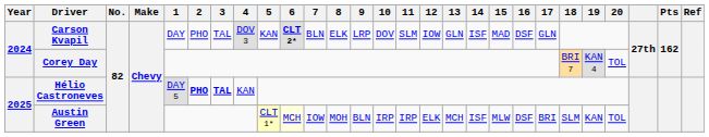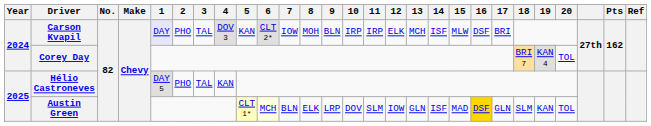 <table class="wikitable" style="text-align:center; font-size:75%">
 <tr>
 <th>Year</th>
 <th>Driver</th>
 <th>No.</th>
 <th>Make</th>
 <th>1</th>
 <th>2</th>
 <th>3</th>
 <th>4</th>
 <th>5</th>
 <th>6</th>
 <th>7</th>
 <th>8</th>
 <th>9</th>
 <th>10</th>
 <th>11</th>
 <th>12</th>
 <th>13</th>
 <th>14</th>
 <th>15</th>
 <th>16</th>
 <th>17</th>
 <th>18</th>
 <th>19</th>
 <th>20</th>
 <th></th>
 <th>Pts</th>
 <th>Ref</th>
 </tr>
 <tr>
 <th rowspan=2><a href='#'>2024</a></th>
 <th><a href='#'>Carson Kvapil</a></th>
 <th rowspan=4>82</th>
 <th rowspan=4><a href='#'>Chevy</a></th>
-<td><a href='#'>DAY</a></td>
+<td style="background: lavender;"><a href='#'>DAY</a></td>
 <td><a href='#'>PHO</a></td>
 <td><a href='#'>TAL</a></td>
 <td style="background:#DFDFDF;"><a href='#'>DOV</a><br><small>3</small></td>
 <td><a href='#'>KAN</a></td>
-<td style="background:#DFDFDF;"><strong><a href='#'>CLT</a><br><small>2*</small></strong></td>
+<td style="background:#DFDFDF;"><a href='#'>CLT</a><br><small>2*</small></td>
+<td><a href='#'>IOW</a></td>
+<td><a href='#'>MOH</a></td>
 <td><a href='#'>BLN</a></td>
+<td><a href='#'>IRP</a></td>
+<td><a href='#'>IRP</a></td>
 <td><a href='#'>ELK</a></td>
-<td><a href='#'>LRP</a></td>
-<td><a href='#'>DOV</a></td>
-<td><a href='#'>SLM</a></td>
-<td><a href='#'>IOW</a></td>
-<td><a href='#'>GLN</a></td>
+<td><a href='#'>MCH</a></td>
 <td><a href='#'>ISF</a></td>
-<td><a href='#'>MAD</a></td>
+<td><a href='#'>MLW</a></td>
 <td><a href='#'>DSF</a></td>
-<td><a href='#'>GLN</a></td>
+<td><a href='#'>BRI</a></td>
 <td colspan=3></td>
 <th rowspan=2>27th</th>
 <th rowspan=2>162</th>
 <th rowspan=2></th>
 </tr>
 <tr>
 <th><a href='#'>Corey Day</a></th>
 <td colspan=17></td>
 <td style="background:#FFDF9F;"><a href='#'>BRI</a><br><small>7</small></td>
 <td style="background:#DFDFDF;"><a href='#'>KAN</a><br><small>4</small></td>
 <td><a href='#'>TOL</a></td>
 </tr>
 <tr>
 <th rowspan=2><a href='#'>2025</a></th>
 <th><a href='#'>Hélio Castroneves</a></th>
 <td style="background:#DFDFDF;"><a href='#'>DAY</a><br><small>5</small></td>
-<td><strong><a href='#'>PHO</a></strong></td>
-<td><strong><a href='#'>TAL</a></strong></td>
+<td><a href='#'>PHO</a></td>
+<td><a href='#'>TAL</a></td>
 <td><a href='#'>KAN</a></td>
 <td colspan=16></td>
 <th rowspan=2></th>
 <th rowspan=2></th>
 <th rowspan=2></th>
 </tr>
 <tr>
 <th><a href='#'>Austin Green</a></th>
 <td colspan=4></td>
 <td style="background:#FFFFBF;"><a href='#'>CLT</a><br><small>1*</small></td>
 <td style="background: lightyellow;"><a href='#'>MCH</a></td>
+<td><a href='#'>BLN</a></td>
+<td><a href='#'>ELK</a></td>
+<td><a href='#'>LRP</a></td>
+<td><a href='#'>DOV</a></td>
+<td><a href='#'>SLM</a></td>
 <td><a href='#'>IOW</a></td>
-<td><a href='#'>MOH</a></td>
-<td><a href='#'>BLN</a></td>
-<td><a href='#'>IRP</a></td>
-<td><a href='#'>IRP</a></td>
-<td><a href='#'>ELK</a></td>
-<td><a href='#'>MCH</a></td>
+<td><a href='#'>GLN</a></td>
 <td><a href='#'>ISF</a></td>
-<td><a href='#'>MLW</a></td>
-<td><a href='#'>DSF</a></td>
-<td><a href='#'>BRI</a></td>
+<td><a href='#'>MAD</a></td>
+<td style="background: gold;"><a href='#'>DSF</a></td>
+<td><a href='#'>GLN</a></td>
 <td><a href='#'>SLM</a></td>
 <td><a href='#'>KAN</a></td>
 <td><a href='#'>TOL</a></td>
 </tr>
 </table>
